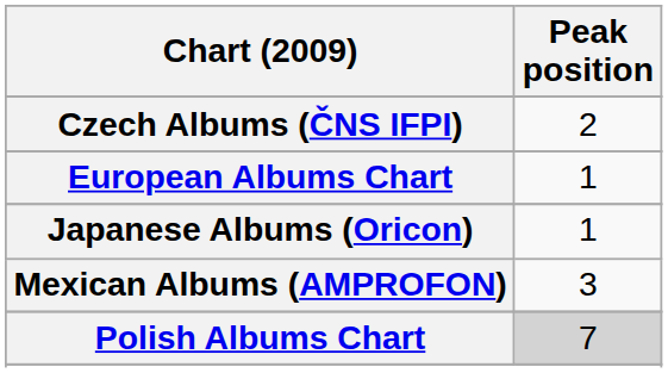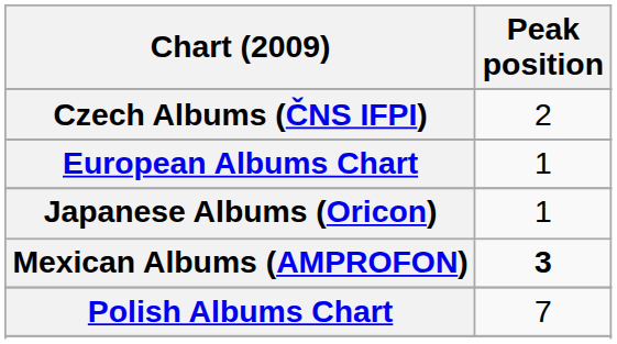 <table class="wikitable sortable plainrowheaders" style="text-align:center">
 <tr>
 <th scope="col">Chart (2009)</th>
 <th scope="col">Peak<br>position</th>
 </tr>
 <tr>
 </tr>
 <tr>
 </tr>
 <tr>
 </tr>
 <tr>
 </tr>
 <tr>
 </tr>
 <tr>
 <th scope="row">Czech Albums (<a href='#'>ČNS IFPI</a>)</th>
 <td>2</td>
 </tr>
 <tr>
 </tr>
 <tr>
 </tr>
 <tr>
 <th scope="row"><a href='#'>European Albums Chart</a></th>
 <td>1</td>
 </tr>
 <tr>
 </tr>
 <tr>
 </tr>
 <tr>
 </tr>
 <tr>
 </tr>
 <tr>
 </tr>
 <tr>
 </tr>
 <tr>
 <th scope="row">Japanese Albums (<a href='#'>Oricon</a>)</th>
 <td>1</td>
 </tr>
 <tr>
 <th scope="row">Mexican Albums (<a href='#'>AMPROFON</a>)</th>
-<td>3</td>
+<td><strong>3</strong></td>
 </tr>
 <tr>
 </tr>
 <tr>
 </tr>
 <tr>
 <th scope="row"><a href='#'>Polish Albums Chart</a></th>
-<td style="background: lightgrey;">7</td>
+<td>7</td>
 </tr>
 <tr>
 </tr>
 <tr>
 </tr>
 <tr>
 </tr>
 <tr>
 </tr>
 <tr>
 </tr>
 <tr>
 </tr>
 <tr>
 </tr>
 <tr>
 </tr>
 <tr>
 </tr>
 </table>
